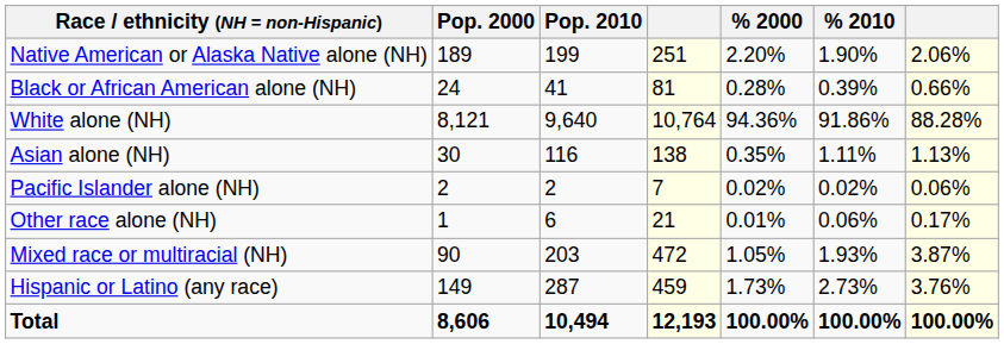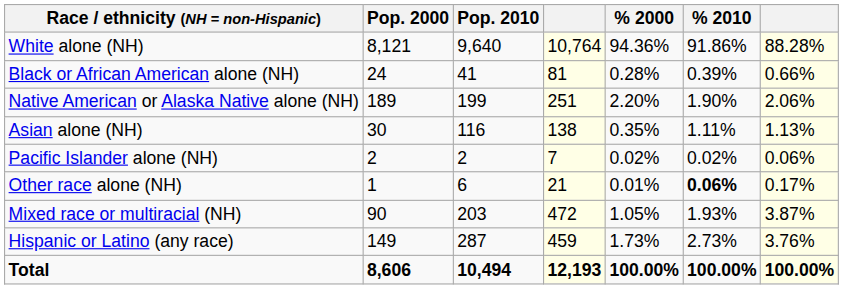 <table class="wikitable">
 <tr>
 <th>Race / ethnicity <small>(<em>NH = non-Hispanic</em>)</small></th>
 <th>Pop. 2000</th>
 <th>Pop. 2010</th>
 <th></th>
 <th>% 2000</th>
 <th>% 2010</th>
 <th></th>
 </tr>
 <tr>
-<td><a href='#'>Native American</a> or <a href='#'>Alaska Native</a> alone (NH)</td>
-<td>189</td>
-<td>199</td>
-<td style='background: #ffffe6;'>251</td>
-<td>2.20%</td>
-<td>1.90%</td>
-<td style='background: #ffffe6;'>2.06%</td>
+<td><a href='#'>White</a> alone (NH)</td>
+<td>8,121</td>
+<td>9,640</td>
+<td style='background: #ffffe6;'>10,764</td>
+<td>94.36%</td>
+<td>91.86%</td>
+<td style='background: #ffffe6;'>88.28%</td>
 </tr>
 <tr>
 <td><a href='#'>Black or African American</a> alone (NH)</td>
 <td>24</td>
 <td>41</td>
 <td style='background: #ffffe6;'>81</td>
 <td>0.28%</td>
 <td>0.39%</td>
 <td style='background: #ffffe6;'>0.66%</td>
 </tr>
 <tr>
-<td><a href='#'>White</a> alone (NH)</td>
-<td>8,121</td>
-<td>9,640</td>
-<td style='background: #ffffe6;'>10,764</td>
-<td>94.36%</td>
-<td>91.86%</td>
-<td style='background: #ffffe6;'>88.28%</td>
+<td><a href='#'>Native American</a> or <a href='#'>Alaska Native</a> alone (NH)</td>
+<td>189</td>
+<td>199</td>
+<td style='background: #ffffe6;'>251</td>
+<td>2.20%</td>
+<td>1.90%</td>
+<td style='background: #ffffe6;'>2.06%</td>
 </tr>
 <tr>
 <td><a href='#'>Asian</a> alone (NH)</td>
 <td>30</td>
 <td>116</td>
 <td style='background: #ffffe6;'>138</td>
 <td>0.35%</td>
 <td>1.11%</td>
 <td style='background: #ffffe6;'>1.13%</td>
 </tr>
 <tr>
 <td><a href='#'>Pacific Islander</a> alone (NH)</td>
 <td>2</td>
 <td>2</td>
 <td style='background: #ffffe6;'>7</td>
 <td>0.02%</td>
 <td>0.02%</td>
 <td style='background: #ffffe6;'>0.06%</td>
 </tr>
 <tr>
 <td><a href='#'>Other race</a> alone (NH)</td>
 <td>1</td>
 <td>6</td>
 <td style='background: #ffffe6;'>21</td>
 <td>0.01%</td>
-<td>0.06%</td>
+<td><strong>0.06%</strong></td>
 <td style='background: #ffffe6;'>0.17%</td>
 </tr>
 <tr>
 <td><a href='#'>Mixed race or multiracial</a> (NH)</td>
 <td>90</td>
 <td>203</td>
 <td style='background: #ffffe6;'>472</td>
 <td>1.05%</td>
 <td>1.93%</td>
 <td style='background: #ffffe6;'>3.87%</td>
 </tr>
 <tr>
 <td><a href='#'>Hispanic or Latino</a> (any race)</td>
 <td>149</td>
 <td>287</td>
 <td style='background: #ffffe6;'>459</td>
 <td>1.73%</td>
 <td>2.73%</td>
 <td style='background: #ffffe6;'>3.76%</td>
 </tr>
 <tr>
 <td><strong>Total</strong></td>
 <td><strong>8,606</strong></td>
 <td><strong>10,494</strong></td>
 <td style='background: #ffffe6;'><strong>12,193</strong></td>
 <td><strong>100.00%</strong></td>
 <td><strong>100.00%</strong></td>
 <td style='background: #ffffe6;'><strong>100.00%</strong></td>
 </tr>
 </table>
